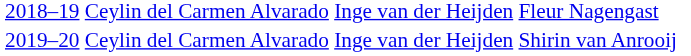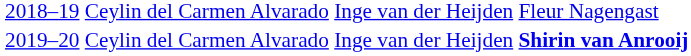 <table>
 <tr>
 <td><a href='#'>2018–19</a></td>
 <td> <a href='#'>Ceylin del Carmen Alvarado</a></td>
 <td> <a href='#'>Inge van der Heijden</a></td>
 <td> <a href='#'>Fleur Nagengast</a></td>
 </tr>
 <tr>
 <td><a href='#'>2019–20</a></td>
 <td> <a href='#'>Ceylin del Carmen Alvarado</a></td>
 <td> <a href='#'>Inge van der Heijden</a></td>
-<td> <a href='#'>Shirin van Anrooij</a></td>
+<td><strong> <a href='#'>Shirin van Anrooij</a></strong></td>
 </tr>
 </table>
